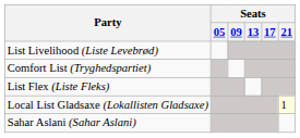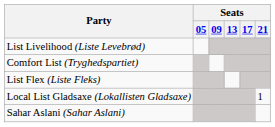 <table class="wikitable">
 <tr>
 <th rowspan=2>Party</th>
 <th colspan=11>Seats</th>
 </tr>
 <tr>
 <th><a href='#'>05</a></th>
 <th><a href='#'>09</a></th>
 <th><a href='#'>13</a></th>
 <th><a href='#'>17</a></th>
 <th><a href='#'>21</a></th>
 </tr>
 <tr>
 <td>List Livelihood <em>(Liste Levebrød)</em></td>
 <td></td>
 <td style="background:#CDC9C9;" colspan=4></td>
 </tr>
 <tr>
 <td>Comfort List <em>(Tryghedspartiet)</em></td>
 <td style="background:#CDC9C9;"></td>
 <td></td>
 <td style="background:#CDC9C9;" colspan=3></td>
 </tr>
 <tr>
 <td>List Flex <em>(Liste Fleks)</em></td>
 <td style="background:#CDC9C9;" colspan=2></td>
 <td></td>
 <td style="background:#CDC9C9;" colspan=2></td>
 </tr>
 <tr>
 <td>Local List Gladsaxe <em>(Lokallisten Gladsaxe)</em></td>
 <td style="background:#CDC9C9;" colspan=4></td>
-<td style="background: lightyellow;">1</td>
+<td>1</td>
 </tr>
 <tr>
 <td>Sahar Aslani <em>(Sahar Aslani)</em></td>
 <td style="background:#CDC9C9;" colspan=4></td>
 <td></td>
 </tr>
 </table>
